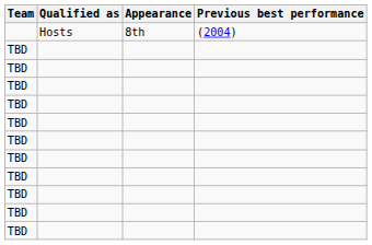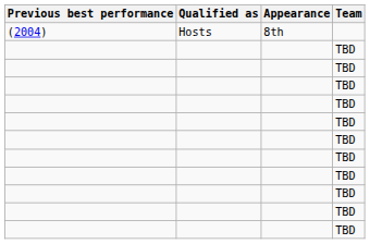 <table class="wikitable sortable">
 <tr>
-<th>Team</th>
+<th>Previous best performance</th>
 <th>Qualified as</th>
 <th data-sort-type="number">Appearance</th>
-<th>Previous best performance</th>
+<th>Team</th>
+</tr>
+<tr>
+<td> (<a href='#'>2004</a>)</td>
+<td>Hosts</td>
+<td>8th</td>
+<td></td>
 </tr>
 <tr>
 <td></td>
-<td>Hosts</td>
-<td>8th</td>
-<td> (<a href='#'>2004</a>)</td>
+<td></td>
+<td></td>
+<td>TBD</td>
 </tr>
 <tr>
-<td>TBD</td>
 <td></td>
 <td></td>
 <td></td>
+<td>TBD</td>
 </tr>
 <tr>
-<td>TBD</td>
 <td></td>
 <td></td>
 <td></td>
+<td>TBD</td>
 </tr>
 <tr>
-<td>TBD</td>
 <td></td>
 <td></td>
 <td></td>
+<td>TBD</td>
 </tr>
 <tr>
-<td>TBD</td>
 <td></td>
 <td></td>
 <td></td>
+<td>TBD</td>
 </tr>
 <tr>
-<td>TBD</td>
 <td></td>
 <td></td>
 <td></td>
+<td>TBD</td>
 </tr>
 <tr>
-<td>TBD</td>
 <td></td>
 <td></td>
 <td></td>
+<td>TBD</td>
 </tr>
 <tr>
-<td>TBD</td>
 <td></td>
 <td></td>
 <td></td>
+<td>TBD</td>
 </tr>
 <tr>
-<td>TBD</td>
 <td></td>
 <td></td>
 <td></td>
+<td>TBD</td>
 </tr>
 <tr>
-<td>TBD</td>
 <td></td>
 <td></td>
 <td></td>
+<td>TBD</td>
 </tr>
 <tr>
-<td>TBD</td>
 <td></td>
 <td></td>
 <td></td>
-</tr>
-<tr>
 <td>TBD</td>
-<td></td>
-<td></td>
-<td></td>
 </tr>
 </table>
